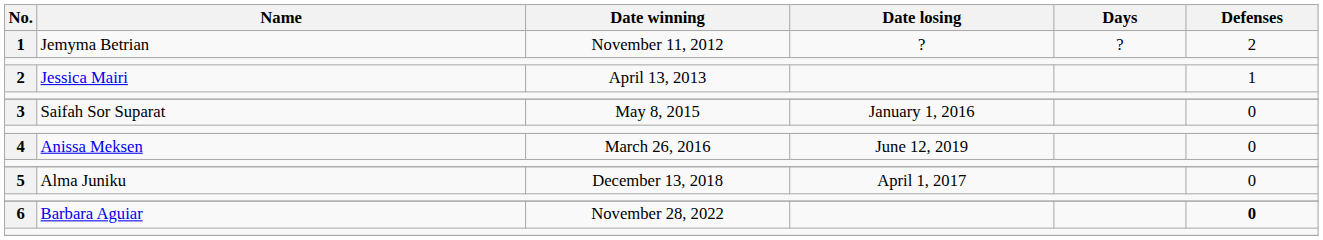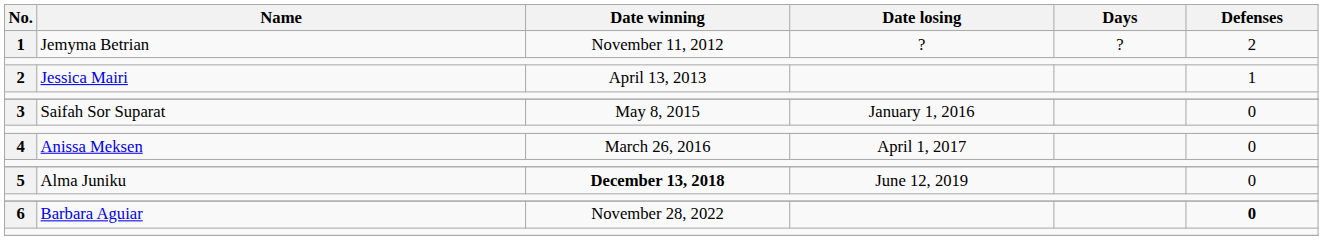 <table class="wikitable" width=100%>
 <tr>
 <th style="width:1%;">No.</th>
 <th style="width:37%;">Name</th>
 <th style="width:20%;">Date winning</th>
 <th style="width:20%;">Date losing</th>
 <th data-sort-type="number" style="width:10%;">Days</th>
 <th data-sort-type="number" style="width:10%;">Defenses</th>
 </tr>
 <tr align="center">
 <th>1</th>
 <td align="left"> Jemyma Betrian</td>
 <td>November 11, 2012</td>
 <td>?</td>
 <td>?</td>
 <td>2</td>
 </tr>
 <tr>
 <td colspan="6"></td>
 </tr>
 <tr align="center">
 <th>2</th>
 <td align="left"> <a href='#'>Jessica Mairi</a></td>
 <td>April 13, 2013</td>
 <td></td>
 <td></td>
 <td>1</td>
 </tr>
 <tr>
 <td colspan="6"></td>
 </tr>
 <tr>
 </tr>
 <tr>
 </tr>
 <tr align=center>
 <th>3</th>
 <td align=left> Saifah Sor Suparat</td>
 <td>May 8, 2015</td>
 <td>January 1, 2016</td>
 <td></td>
 <td>0</td>
 </tr>
 <tr>
 <td colspan="6"></td>
 </tr>
 <tr>
 </tr>
 <tr align=center>
 <th>4</th>
 <td align=left> <a href='#'>Anissa Meksen</a></td>
 <td>March 26, 2016</td>
-<td>June 12, 2019</td>
+<td>April 1, 2017</td>
 <td></td>
 <td>0</td>
 </tr>
 <tr>
 <td colspan="6"></td>
 </tr>
 <tr>
 </tr>
 <tr align=center>
 <th>5</th>
 <td align=left> Alma Juniku</td>
-<td>December 13, 2018</td>
-<td>April 1, 2017</td>
+<td><strong>December 13, 2018</strong></td>
+<td>June 12, 2019</td>
 <td></td>
 <td>0</td>
 </tr>
 <tr>
 <td colspan="6"></td>
 </tr>
 <tr>
 </tr>
 <tr align=center>
 <th>6</th>
 <td align=left> <a href='#'>Barbara Aguiar</a></td>
 <td>November 28, 2022</td>
 <td></td>
 <td></td>
 <td><strong>0</strong></td>
 </tr>
 <tr>
 <td colspan="6"></td>
 </tr>
 <tr>
 </tr>
 </table>
